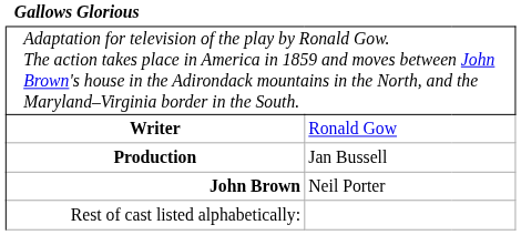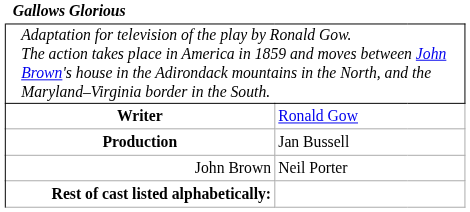 <table class="wikitable mw-collapsible mw-collapsed" style="vertical-align:top;margin:auto 2em;line-height:1.2;max-width:33em;background-color:inherit;border:none;">
 <tr>
 <td class=unsortable style="border:hidden;line-height:1.67;margin-left:-1em;text-align:center;padding-left:0.5em;min-width:1.0em;"></td>
 <td class=unsortable style="border-style:none;padding-left:0.5em;text-align:left;min-width:16.5em;font-weight:700;font-style:italic;">Gallows Glorious</td>
 <td class=unsortable style="border:none;text-align:right;font-weight:normal; font-size:95%; min-width:8.5em;padding-right:0.2em;"></td>
 <td class=unsortable style="border:none;min-width:3.5em;padding-left:0;"></td>
 <td class=unsortable style="border:hidden;min-width:3.5em;font-size:95%;"></td>
 </tr>
 <tr>
 <td rowspan=100 style="border:none thin;border-right-style :solid;"></td>
 <td colspan=3 style="text-align:left;padding:0.1em 1em;font-style:italic;border: solid thin;">Adaptation for television of the play by Ronald Gow.<br>The action takes place in America in 1859 and moves between <a href='#'>John Brown</a>'s house in the Adirondack mountains in the North, and the Maryland–Virginia border in the South.</td>
 </tr>
 <tr>
 <td style="text-align:center;font-weight:bold;">Writer</td>
 <td colspan=2><a href='#'>Ronald Gow</a></td>
 </tr>
 <tr>
 <td style="text-align:center;font-weight:bold;">Production</td>
 <td colspan=2>Jan Bussell</td>
 </tr>
 <tr>
-<td style="text-align:right;"><strong>John Brown</strong></td>
+<td style="text-align:right;">John Brown</td>
 <td colspan=2>Neil Porter</td>
 </tr>
 <tr>
-<td style="text-align:right;">Rest of cast listed alphabetically:</td>
+<td style="text-align:right;"><strong>Rest of cast listed alphabetically:</strong></td>
 <td colspan=2></td>
 </tr>
 </table>
